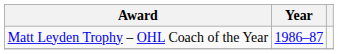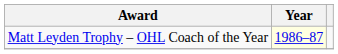 <table class="wikitable">
 <tr>
 <th>Award</th>
 <th>Year</th>
 <th></th>
 </tr>
 <tr>
 <td><a href='#'>Matt Leyden Trophy</a> – <a href='#'>OHL</a> Coach of the Year</td>
-<td><a href='#'>1986–87</a></td>
+<td style="background: lightyellow;"><a href='#'>1986–87</a></td>
 <td></td>
 </tr>
 <tr>
 </tr>
 </table>
